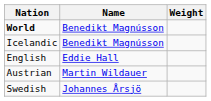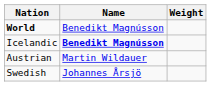 <table class="wikitable" style="display: inline-table;width: 45%;">
 <tr>
 <th>Nation</th>
 <th>Name</th>
 <th>Weight</th>
 </tr>
 <tr>
 <td><strong>World</strong></td>
 <td><a href='#'>Benedikt Magnússon</a></td>
 <td></td>
 </tr>
 <tr>
 <td> Icelandic</td>
-<td><a href='#'>Benedikt Magnússon</a></td>
-<td></td>
-</tr>
-<tr>
-<td> English</td>
-<td><a href='#'>Eddie Hall</a></td>
+<td><strong><a href='#'>Benedikt Magnússon</a></strong></td>
 <td></td>
 </tr>
 <tr>
 <td> Austrian</td>
 <td><a href='#'>Martin Wildauer</a></td>
 <td></td>
 </tr>
 <tr>
 <td> Swedish</td>
 <td><a href='#'>Johannes Årsjö</a></td>
 <td></td>
 </tr>
 </table>
